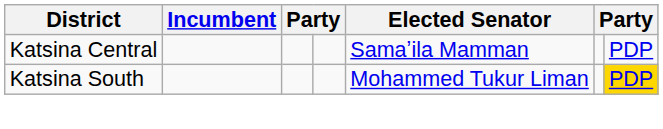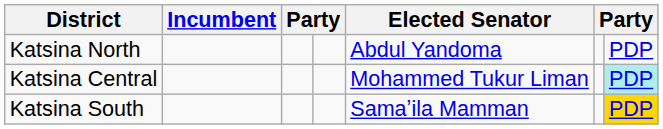 <table class="sortable wikitable" style="font-size:95%;line-height:14px;">
 <tr>
 <th class="unsortable">District</th>
 <th class="unsortable"><a href='#'>Incumbent</a></th>
 <th colspan="2">Party</th>
 <th class="unsortable">Elected Senator</th>
 <th colspan="2">Party</th>
 </tr>
 <tr>
+<td>Katsina North</td>
+<td></td>
+<td></td>
+<td></td>
+<td><a href='#'>Abdul Yandoma</a></td>
+<td style="background:"></td>
+<td><a href='#'>PDP</a></td>
+</tr>
+<tr>
 <td>Katsina Central</td>
 <td></td>
 <td></td>
 <td></td>
-<td><a href='#'>Samaʼila Mamman</a></td>
+<td><a href='#'>Mohammed Tukur Liman</a></td>
 <td style="background:"></td>
-<td><a href='#'>PDP</a></td>
+<td style="background: paleturquoise;"><a href='#'>PDP</a></td>
 </tr>
 <tr>
 <td>Katsina South</td>
 <td></td>
 <td></td>
 <td></td>
-<td><a href='#'>Mohammed Tukur Liman</a></td>
+<td><a href='#'>Samaʼila Mamman</a></td>
 <td style="background:"></td>
 <td style="background: gold;"><a href='#'>PDP</a></td>
 </tr>
 </table>
